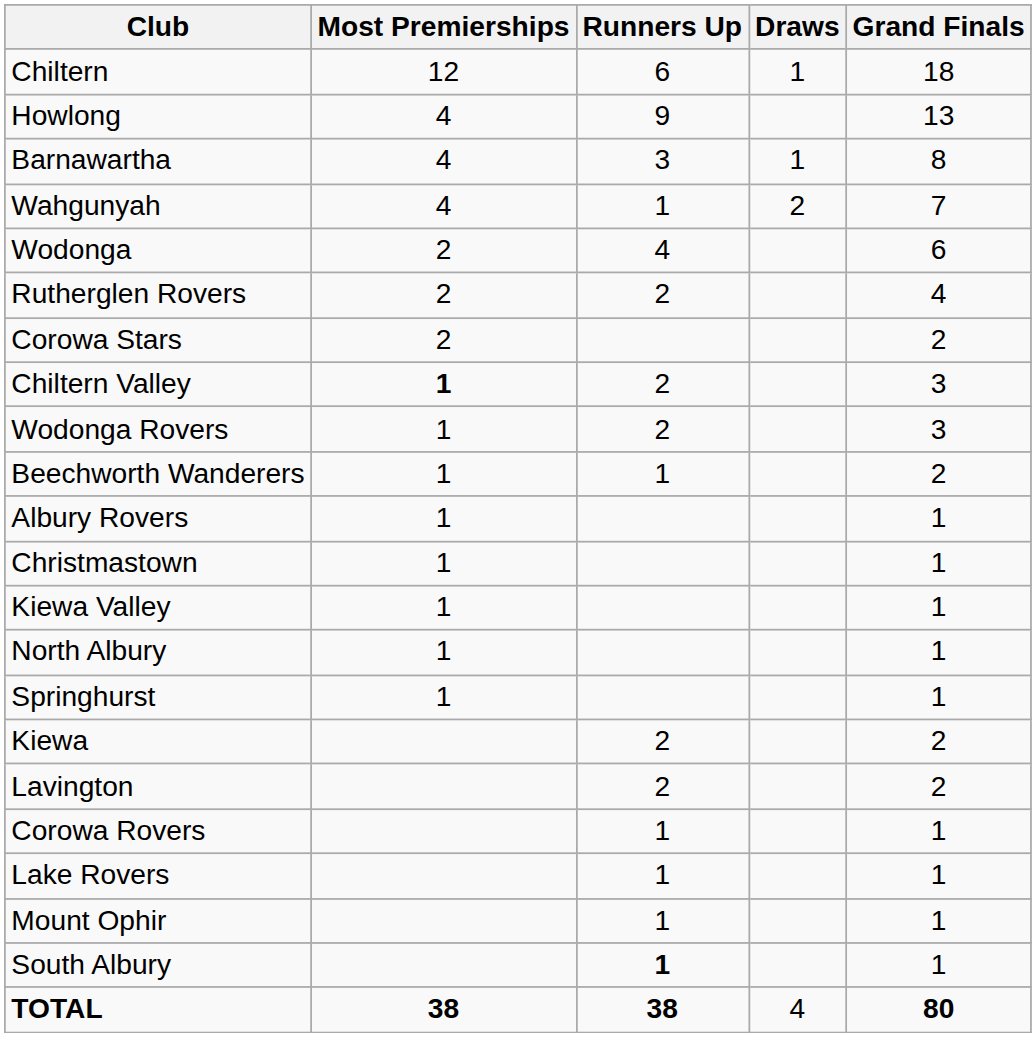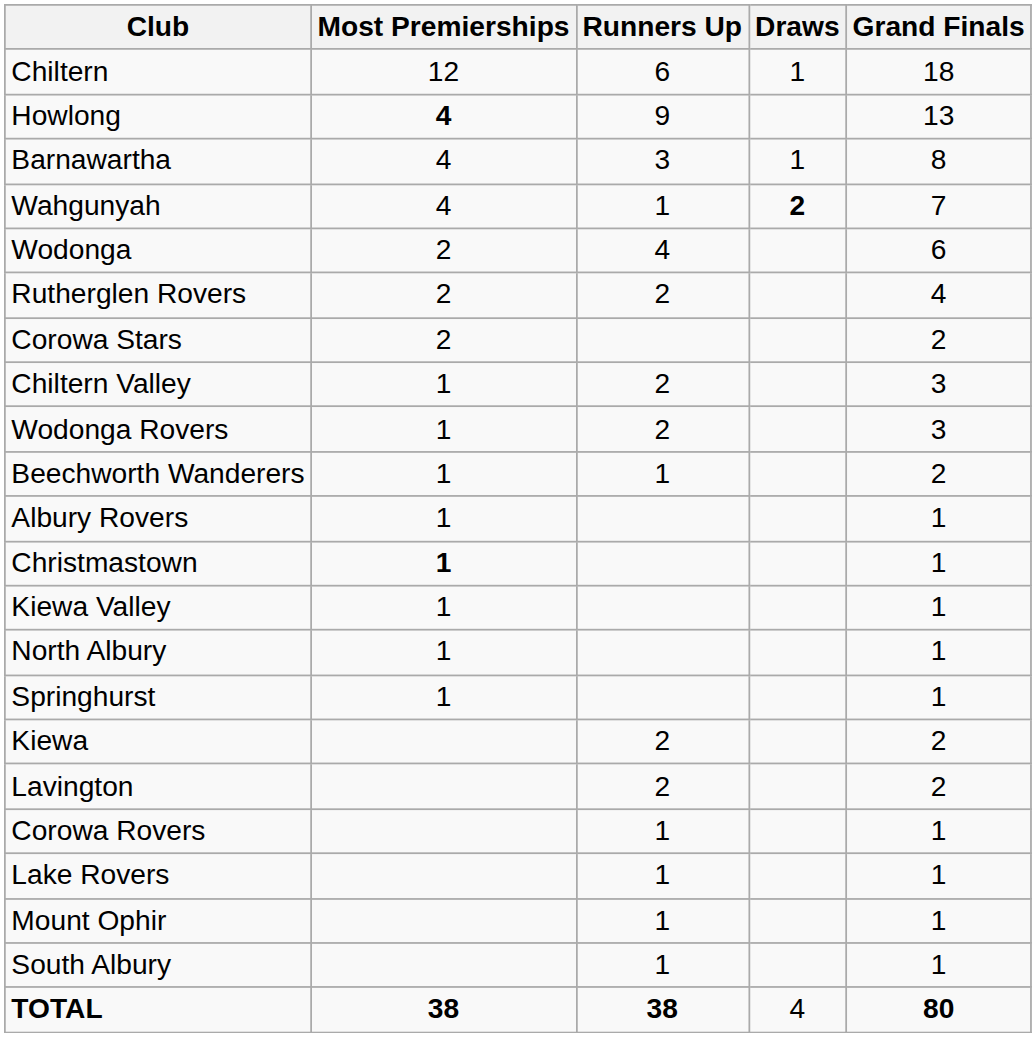 <table class="wikitable sortable">
 <tr>
 <th>Club</th>
 <th><span><strong>Most Premierships</strong></span></th>
 <th>Runners Up</th>
 <th>Draws</th>
 <th>Grand Finals</th>
 </tr>
 <tr>
 <td>Chiltern</td>
 <td align=center>12</td>
 <td align=center>6</td>
 <td align=center>1</td>
 <td align=center>18</td>
 </tr>
 <tr>
 <td>Howlong</td>
-<td align=center>4</td>
+<td align=center><strong>4</strong></td>
 <td align=center>9</td>
 <td align=center></td>
 <td align=center>13</td>
 </tr>
 <tr |>
 <td>Barnawartha</td>
 <td align=center>4</td>
 <td align=center>3</td>
 <td align=center>1</td>
 <td align=center>8</td>
 </tr>
 <tr |>
 <td>Wahgunyah</td>
 <td align=center>4</td>
 <td align=center>1</td>
-<td align=center>2</td>
+<td align=center><strong>2</strong></td>
 <td align=center>7</td>
 </tr>
 <tr |>
 <td>Wodonga</td>
 <td align=center>2</td>
 <td align=center>4</td>
 <td align=center></td>
 <td align=center>6</td>
 </tr>
 <tr |>
 <td>Rutherglen Rovers</td>
 <td align=center>2</td>
 <td align=center>2</td>
 <td align=center></td>
 <td align=center>4</td>
 </tr>
 <tr |>
 <td>Corowa Stars</td>
 <td align=center>2</td>
 <td align=center></td>
 <td align=center></td>
 <td align=center>2</td>
 </tr>
 <tr |>
 <td>Chiltern Valley</td>
-<td align=center><strong>1</strong></td>
+<td align=center>1</td>
 <td align=center>2</td>
 <td align=center></td>
 <td align=center>3</td>
 </tr>
 <tr |>
 <td>Wodonga Rovers</td>
 <td align=center>1</td>
 <td align=center>2</td>
 <td align=center></td>
 <td align=center>3</td>
 </tr>
 <tr |>
 <td>Beechworth Wanderers</td>
 <td align=center>1</td>
 <td align=center>1</td>
 <td align=center></td>
 <td align=center>2</td>
 </tr>
 <tr |>
 <td>Albury Rovers</td>
 <td align=center>1</td>
 <td align=center></td>
 <td align=center></td>
 <td align=center>1</td>
 </tr>
 <tr |>
 <td>Christmastown</td>
-<td align=center>1</td>
+<td align=center><strong>1</strong></td>
 <td align=center></td>
 <td align=center></td>
 <td align=center>1</td>
 </tr>
 <tr |>
 <td>Kiewa Valley</td>
 <td align=center>1</td>
 <td align=center></td>
 <td align=center></td>
 <td align=center>1</td>
 </tr>
 <tr |>
 <td>North Albury</td>
 <td align=center>1</td>
 <td align=center></td>
 <td align=center></td>
 <td align=center>1</td>
 </tr>
 <tr |>
 <td>Springhurst</td>
 <td align=center>1</td>
 <td align=center></td>
 <td align=center></td>
 <td align=center>1</td>
 </tr>
 <tr |>
 <td>Kiewa</td>
 <td align=center></td>
 <td align=center>2</td>
 <td align=center></td>
 <td align=center>2</td>
 </tr>
 <tr |>
 <td>Lavington</td>
 <td align=center></td>
 <td align=center>2</td>
 <td align=center></td>
 <td align=center>2</td>
 </tr>
 <tr |>
 <td>Corowa Rovers</td>
 <td align=center></td>
 <td align=center>1</td>
 <td align=center></td>
 <td align=center>1</td>
 </tr>
 <tr |>
 <td>Lake Rovers</td>
 <td align=center></td>
 <td align=center>1</td>
 <td align=center></td>
 <td align=center>1</td>
 </tr>
 <tr |>
 <td>Mount Ophir</td>
 <td align=center></td>
 <td align=center>1</td>
 <td align=center></td>
 <td align=center>1</td>
 </tr>
 <tr |>
 <td>South Albury</td>
 <td align=center></td>
-<td align=center><strong>1</strong></td>
+<td align=center>1</td>
 <td align=center></td>
 <td align=center>1</td>
 </tr>
 <tr |>
 <td><strong>TOTAL</strong></td>
 <td align=center><strong>38</strong></td>
 <td align=center><strong>38</strong></td>
 <td align=center>4</td>
 <td align=center><strong>80</strong></td>
 </tr>
 <tr |>
 </tr>
 </table>
